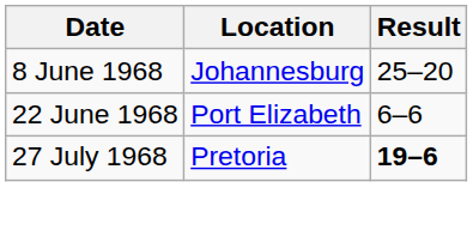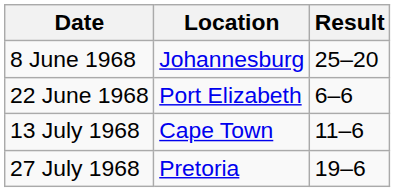 <table class="wikitable" style="align:center;">
 <tr>
 <th>Date</th>
 <th>Location</th>
 <th>Result</th>
 </tr>
 <tr>
 <td>8 June 1968</td>
 <td><a href='#'>Johannesburg</a></td>
 <td> 25–20 </td>
 </tr>
 <tr>
 <td>22 June 1968</td>
 <td><a href='#'>Port Elizabeth</a></td>
 <td> 6–6 </td>
 </tr>
 <tr>
+<td>13 July 1968</td>
+<td><a href='#'>Cape Town</a></td>
+<td> 11–6 </td>
+</tr>
+<tr>
 <td>27 July 1968</td>
 <td><a href='#'>Pretoria</a></td>
-<td><strong> 19–6 </strong></td>
+<td> 19–6 </td>
 </tr>
 </table>
